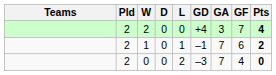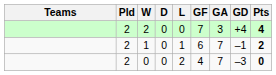 <table class="wikitable" style="text-align: center;">
 <tr>
 <th width=165>Teams</th>
 <th width=20>Pld</th>
 <th width=20>W</th>
 <th width=20>D</th>
 <th width=20>L</th>
+<th width=20>GF</th>
+<th width=20>GA</th>
 <th width=20>GD</th>
-<th width=20>GA</th>
-<th width=20>GF</th>
 <th width=20>Pts</th>
 </tr>
 <tr align=center style="background:#ccffcc;">
 <td style="text-align:left;"></td>
 <td>2</td>
 <td>2</td>
 <td>0</td>
 <td>0</td>
+<td>7</td>
+<td>3</td>
 <td>+4</td>
-<td>3</td>
-<td>7</td>
 <td><strong>4</strong></td>
 </tr>
 <tr align=center>
 <td style="text-align:left;"></td>
 <td>2</td>
 <td>1</td>
 <td>0</td>
 <td>1</td>
+<td>6</td>
+<td>7</td>
 <td>–1</td>
-<td>7</td>
-<td>6</td>
 <td><strong>2</strong></td>
 </tr>
 <tr align=center>
 <td style="text-align:left;"></td>
 <td>2</td>
 <td>0</td>
 <td>0</td>
 <td>2</td>
+<td>4</td>
+<td>7</td>
 <td>–3</td>
-<td>7</td>
-<td>4</td>
 <td><strong>0</strong></td>
 </tr>
 </table>
